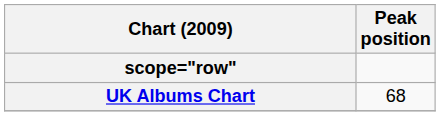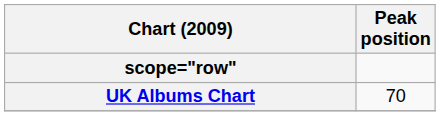 <table class="wikitable sortable plainrowheaders">
 <tr>
 <th scope="col" style="width:19em;">Chart (2009)</th>
 <th scope="col">Peak<br>position</th>
 </tr>
 <tr>
 <th>scope="row" </th>
 </tr>
 <tr>
 <th scope="row"><a href='#'>UK Albums Chart</a></th>
-<td align="center">68</td>
+<td align="center">70</td>
 </tr>
 <tr>
 </tr>
 </table>
